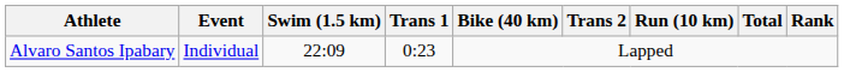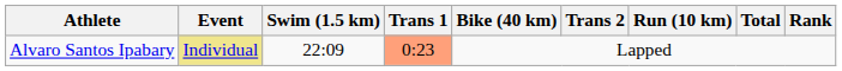 <table class="wikitable" style="font-size:90%">
 <tr>
 <th>Athlete</th>
 <th>Event</th>
 <th>Swim (1.5 km)</th>
 <th>Trans 1</th>
 <th>Bike (40 km)</th>
 <th>Trans 2</th>
 <th>Run (10 km)</th>
 <th>Total</th>
 <th>Rank</th>
 </tr>
 <tr align=center>
 <td><a href='#'>Alvaro Santos Ipabary</a></td>
-<td><a href='#'>Individual</a></td>
+<td style="background: khaki;"><a href='#'>Individual</a></td>
 <td>22:09</td>
-<td>0:23</td>
+<td style="background: lightsalmon;">0:23</td>
 <td align=center colspan=5>Lapped</td>
 </tr>
 </table>
